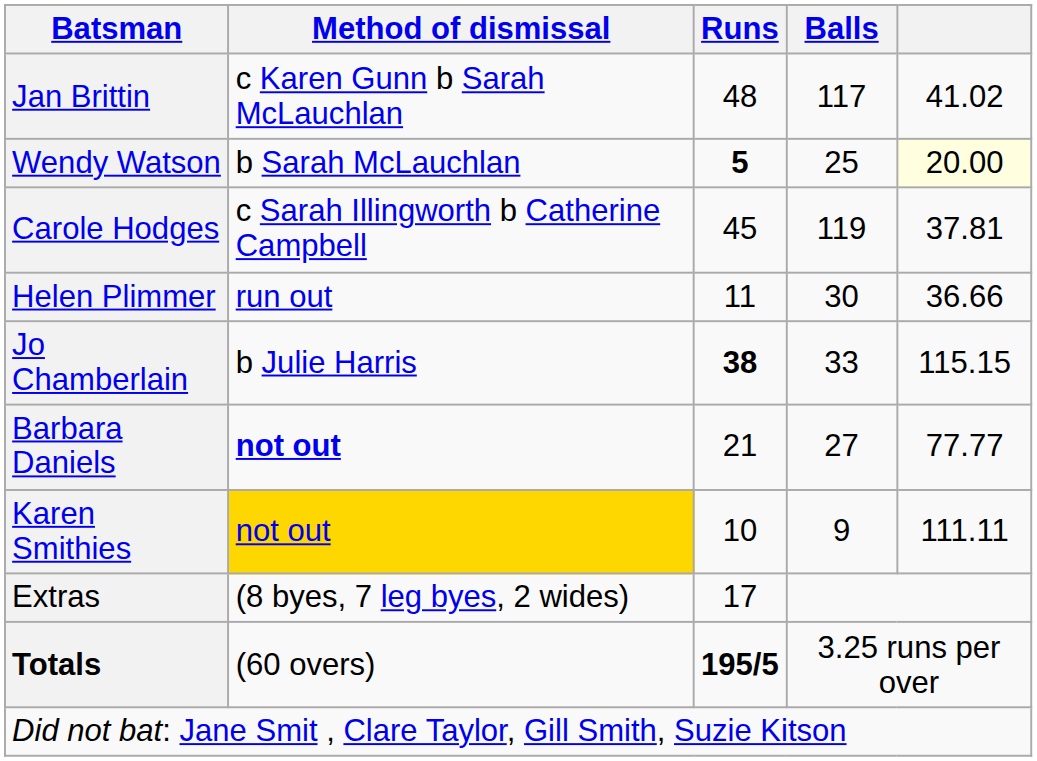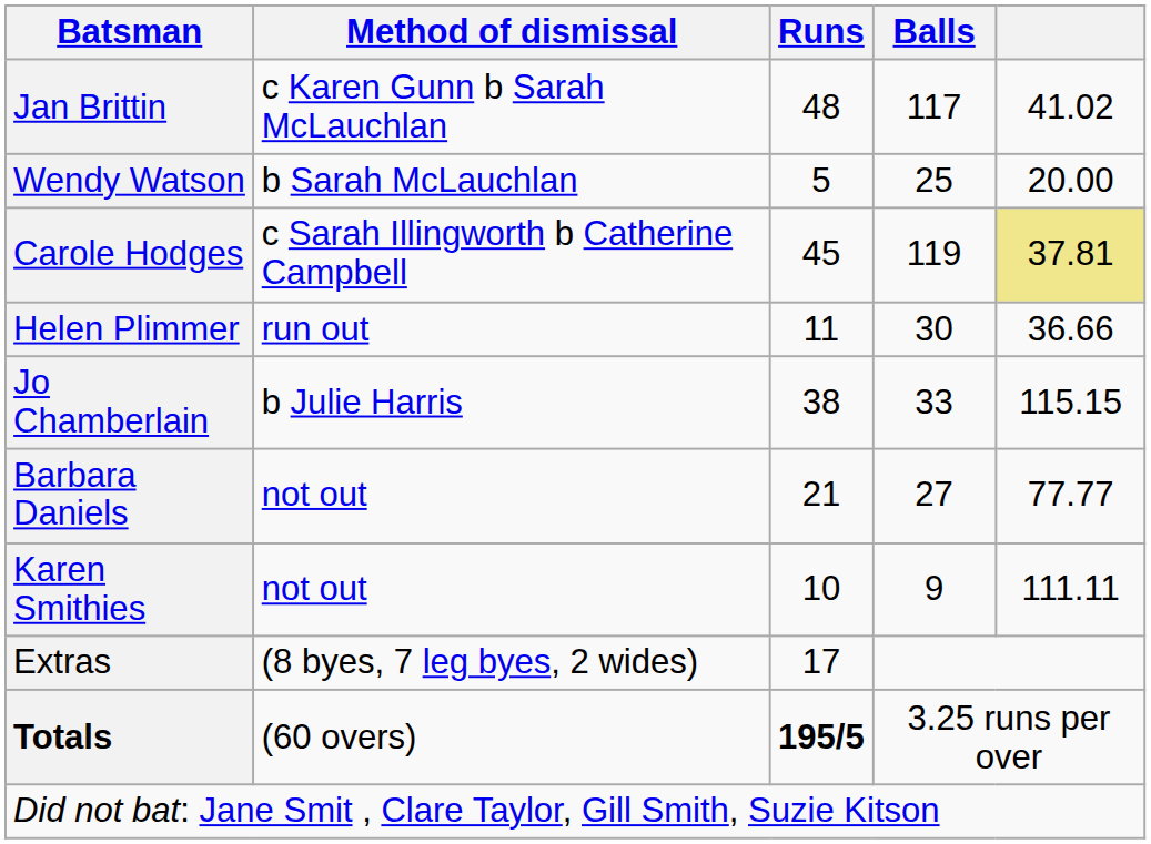 <table cellpadding="1" style="border:gray solid 1px; text-align:center; width:60%;" class="wikitable">
 <tr>
 <th scope="col"><a href='#'>Batsman</a></th>
 <th scope="col"><a href='#'>Method of dismissal</a></th>
 <th scope="col"><a href='#'>Runs</a></th>
 <th scope="col"><a href='#'>Balls</a></th>
 <th scope="col"></th>
 </tr>
 <tr>
 <th scope="row" style="font-weight: normal; text-align: left;"><a href='#'>Jan Brittin</a></th>
 <td style=" text-align: left;">c <a href='#'>Karen Gunn</a> b <a href='#'>Sarah McLauchlan</a></td>
 <td>48</td>
 <td>117</td>
 <td>41.02</td>
 </tr>
 <tr>
 <th scope="row" style="font-weight: normal; text-align: left;"><a href='#'>Wendy Watson</a></th>
 <td style=" text-align: left;">b <a href='#'>Sarah McLauchlan</a></td>
-<td><strong>5</strong></td>
+<td>5</td>
 <td>25</td>
-<td style="background: lightyellow;">20.00</td>
+<td>20.00</td>
 </tr>
 <tr>
 <th scope="row" style="font-weight: normal; text-align: left;"><a href='#'>Carole Hodges</a></th>
 <td style=" text-align: left;">c <a href='#'>Sarah Illingworth</a>  b <a href='#'>Catherine Campbell</a></td>
 <td>45</td>
 <td>119</td>
-<td>37.81</td>
+<td style="background: khaki;">37.81</td>
 </tr>
 <tr>
 <th scope="row" style="font-weight: normal; text-align: left;"><a href='#'>Helen Plimmer</a></th>
 <td style=" text-align: left;"><a href='#'>run out</a></td>
 <td>11</td>
 <td>30</td>
 <td>36.66</td>
 </tr>
 <tr>
 <th scope="row" style="font-weight: normal; text-align: left;"><a href='#'>Jo Chamberlain</a></th>
 <td style=" text-align: left;">b <a href='#'>Julie Harris</a></td>
-<td><strong>38</strong></td>
+<td>38</td>
 <td>33</td>
 <td>115.15</td>
 </tr>
 <tr>
 <th scope="row" style="font-weight: normal; text-align: left;"><a href='#'>Barbara Daniels</a></th>
-<td style=" text-align: left;"><strong><a href='#'>not out</a></strong></td>
+<td style=" text-align: left;"><a href='#'>not out</a></td>
 <td>21</td>
 <td>27</td>
 <td>77.77</td>
 </tr>
 <tr>
 <th scope="row" style="font-weight: normal; text-align: left;"><a href='#'>Karen Smithies</a> </th>
-<td style="background: gold;  text-align: left;"><a href='#'>not out</a></td>
+<td style=" text-align: left;"><a href='#'>not out</a></td>
 <td>10</td>
 <td>9</td>
 <td>111.11</td>
 </tr>
 <tr>
 <th scope="row" style="font-weight: normal; text-align: left;">Extras</th>
 <td style=" text-align: left;">(8 byes, 7 <a href='#'>leg byes</a>, 2 wides)</td>
 <td>17</td>
 <td colspan="2"></td>
 </tr>
 <tr>
 <th scope="row" style="font-weight: normal; text-align: left;"><strong>Totals</strong></th>
 <td style=" text-align: left;">(60 overs)</td>
 <td><strong>195/5</strong></td>
 <td colspan="2">3.25 runs per over</td>
 </tr>
 <tr style="text-align:left;">
 <td colspan="5"><em>Did not bat</em>: <a href='#'>Jane Smit</a> , <a href='#'>Clare Taylor</a>, <a href='#'>Gill Smith</a>, <a href='#'>Suzie Kitson</a></td>
 </tr>
 </table>
